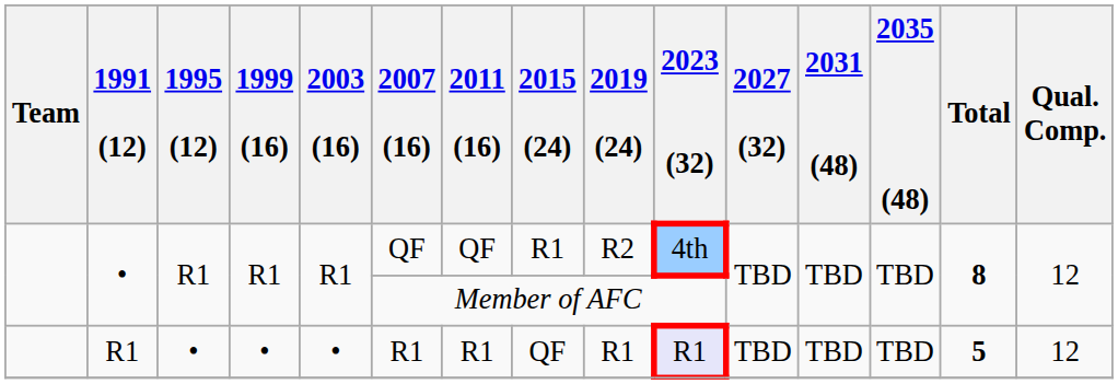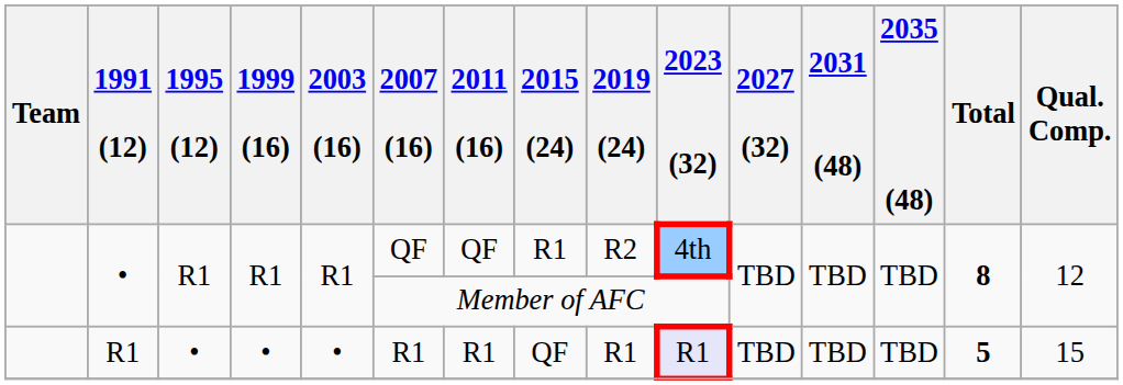 <table class="wikitable" style="text-align: center;  font-size:90%;">
 <tr>
 <th>Team</th>
 <th><a href='#'>1991</a><br><br>(12)</th>
 <th><a href='#'>1995</a><br><br>(12)</th>
 <th><a href='#'>1999</a><br><br>(16)</th>
 <th><a href='#'>2003</a><br><br>(16)</th>
 <th><a href='#'>2007</a><br><br>(16)</th>
 <th><a href='#'>2011</a><br><br>(16)</th>
 <th><a href='#'>2015</a><br><br>(24)</th>
 <th><a href='#'>2019</a><br><br>(24)</th>
 <th><a href='#'>2023</a><br><br><br>(32)</th>
 <th><a href='#'>2027</a><br><br>(32)</th>
 <th><a href='#'>2031</a><br><br><br>(48)</th>
 <th><a href='#'>2035</a><br><br><br><br><br>(48)</th>
 <th>Total</th>
 <th>Qual.<br>Comp.</th>
 </tr>
 <tr>
 <td rowspan=2 align=left></td>
 <td rowspan=2>•</td>
 <td rowspan=2>R1<br></td>
 <td rowspan=2>R1<br></td>
 <td rowspan=2>R1<br></td>
 <td>QF<br></td>
 <td>QF<br></td>
 <td>R1<br></td>
 <td>R2<br></td>
 <td style="border:3px solid red" bgcolor=#9acdff>4th</td>
 <td rowspan=2>TBD</td>
 <td rowspan=2>TBD</td>
 <td rowspan=2>TBD</td>
 <td rowspan=2><strong>8</strong></td>
 <td rowspan=2>12</td>
 </tr>
 <tr>
 <td colspan=5><em>Member of AFC</em></td>
 </tr>
 <tr>
 <td align=left></td>
 <td>R1<br></td>
 <td>•</td>
 <td>•</td>
 <td>•</td>
 <td>R1<br></td>
 <td>R1<br></td>
 <td>QF<br></td>
 <td>R1<br></td>
 <td style="background: lavender; border:3px solid red">R1<br></td>
 <td>TBD</td>
 <td>TBD</td>
 <td>TBD</td>
 <td><strong>5</strong></td>
-<td>12</td>
+<td>15</td>
 </tr>
 <tr>
 </tr>
 </table>
